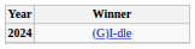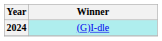 <table class="wikitable plainrowheaders" style="text-align:center">
 <tr>
 <th scope="col">Year</th>
 <th scope="col" width="200">Winner</th>
 </tr>
 <tr>
 <th scope="row">2024</th>
-<td><a href='#'>(G)I-dle</a></td>
+<td style="background: paleturquoise;"><a href='#'>(G)I-dle</a></td>
 </tr>
 <tr>
 </tr>
 </table>
